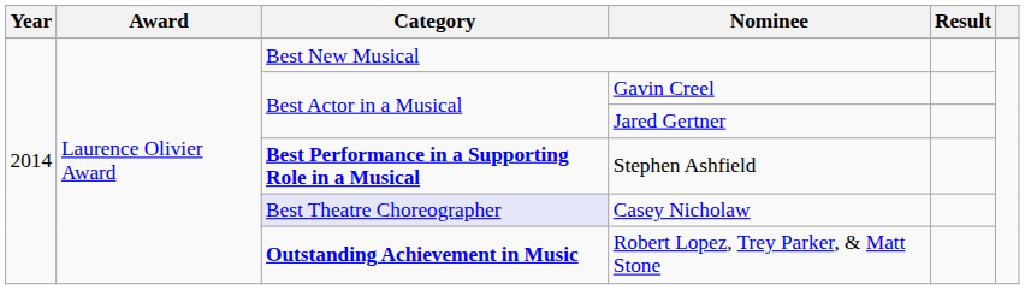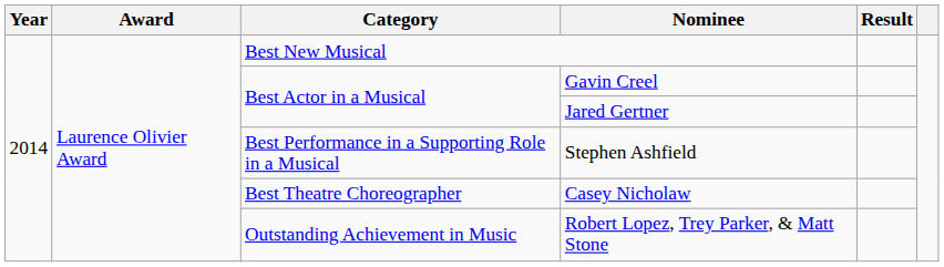 <table class="wikitable">
 <tr style="vertical-align:bottom;">
 <th width="10">Year</th>
 <th width="150">Award</th>
 <th width="260">Category</th>
 <th width="240">Nominee</th>
 <th width="30">Result</th>
 <th width="10"></th>
 </tr>
 <tr>
 <td rowspan="6" style="text-align:center;">2014</td>
 <td rowspan="6"><a href='#'>Laurence Olivier Award</a></td>
 <td colspan="2"><a href='#'>Best New Musical</a></td>
 <td></td>
 <td rowspan="6" style="text-align:center;"></td>
 </tr>
 <tr>
 <td rowspan="2"><a href='#'>Best Actor in a Musical</a></td>
 <td><a href='#'>Gavin Creel</a></td>
 <td></td>
 </tr>
 <tr>
 <td><a href='#'>Jared Gertner</a></td>
 <td></td>
 </tr>
 <tr>
-<td><strong><a href='#'>Best Performance in a Supporting Role in a Musical</a></strong></td>
+<td><a href='#'>Best Performance in a Supporting Role in a Musical</a></td>
 <td>Stephen Ashfield</td>
 <td></td>
 </tr>
 <tr>
-<td style="background: lavender;"><a href='#'>Best Theatre Choreographer</a></td>
+<td><a href='#'>Best Theatre Choreographer</a></td>
 <td><a href='#'>Casey Nicholaw</a></td>
 <td></td>
 </tr>
 <tr>
-<td><strong><a href='#'>Outstanding Achievement in Music</a></strong></td>
+<td><a href='#'>Outstanding Achievement in Music</a></td>
 <td><a href='#'>Robert Lopez</a>, <a href='#'>Trey Parker</a>, & <a href='#'>Matt Stone</a></td>
 <td></td>
 </tr>
 </table>
